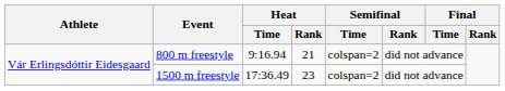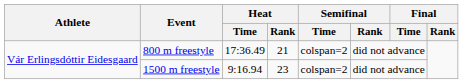 <table class="wikitable" style="text-align:center; font-size:90%">
 <tr>
 <th rowspan="2">Athlete</th>
 <th rowspan="2">Event</th>
 <th colspan="2">Heat</th>
 <th colspan="2">Semifinal</th>
 <th colspan="2">Final</th>
 </tr>
 <tr style="font-size:95%">
 <th>Time</th>
 <th>Rank</th>
 <th>Time</th>
 <th>Rank</th>
 <th>Time</th>
 <th>Rank</th>
 </tr>
 <tr>
 <td align=left rowspan=2><a href='#'>Vár Erlingsdóttir Eidesgaard</a></td>
 <td align=left><a href='#'>800 m freestyle</a></td>
-<td>9:16.94</td>
+<td>17:36.49</td>
 <td>21</td>
 <td>colspan=2 </td>
 <td colspan=2>did not advance</td>
 </tr>
 <tr>
 <td align=left><a href='#'>1500 m freestyle</a></td>
-<td>17:36.49</td>
+<td>9:16.94</td>
 <td>23</td>
 <td>colspan=2 </td>
 <td colspan=2>did not advance</td>
 </tr>
 </table>
